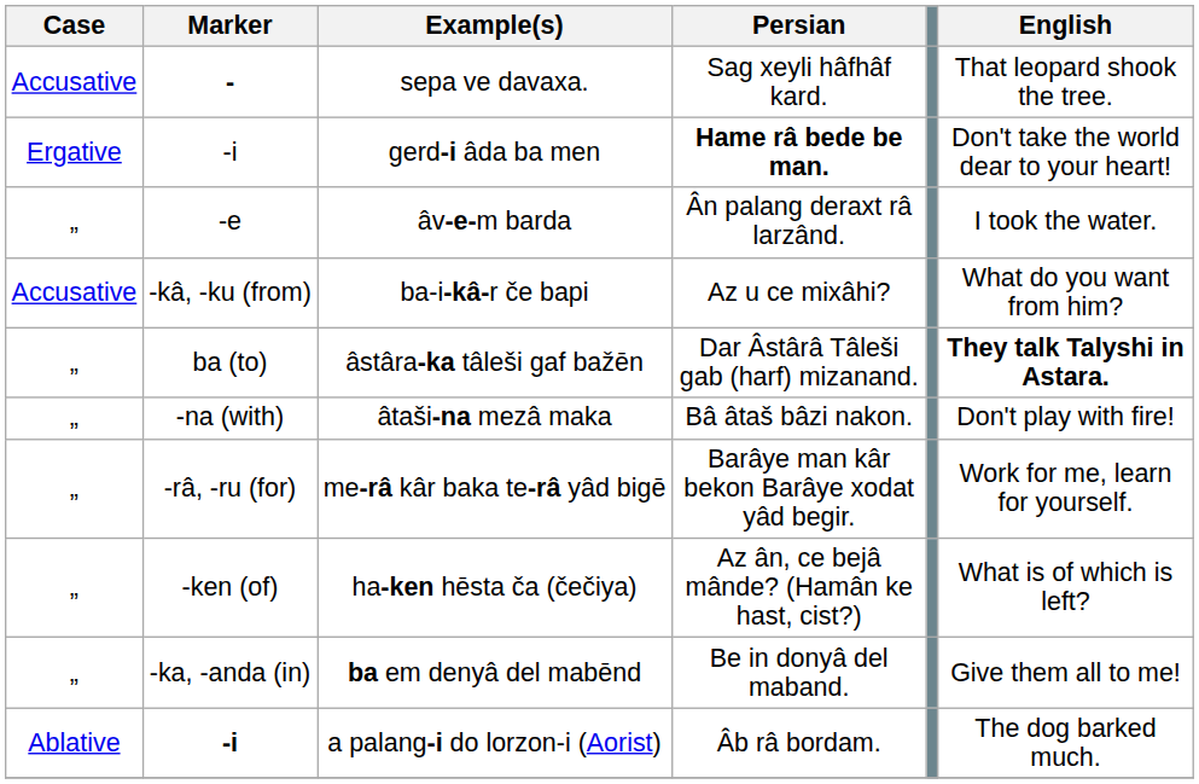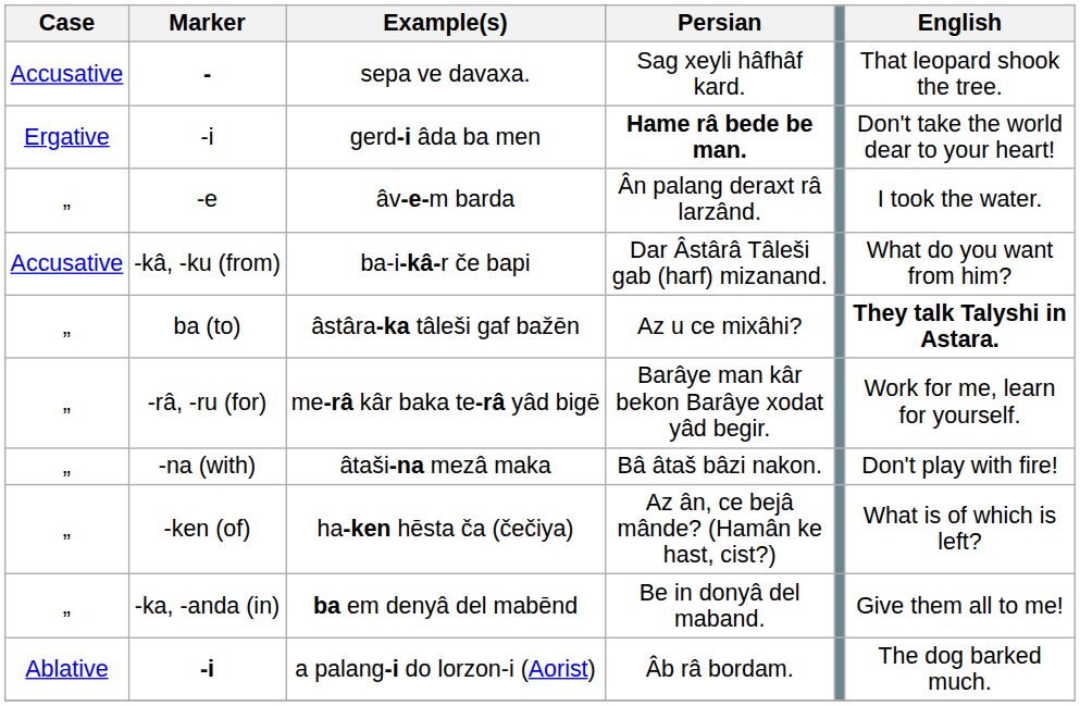 <table class="wikitable" style="border:1px solid #aaa; border-collapse:collapse; text-align: center; background:white;">
 <tr style="background:#eeeeee;">
 <th>Case</th>
 <th>Marker</th>
 <th>Example(s)</th>
 <th style="width:150px;">Persian</th>
 <td style="background:#6C868E">‌</td>
 <th style="width:150px;">English</th>
 </tr>
 <tr>
 <td><a href='#'>Accusative</a></td>
 <td><strong>-</strong></td>
 <td>sepa ve davaxa.</td>
 <td>Sag xeyli hâfhâf kard.</td>
 <td style="background:#6C868E">‌</td>
 <td>That leopard shook the tree.</td>
 </tr>
 <tr>
 <td><a href='#'>Ergative</a></td>
 <td>-i</td>
 <td>gerd<span><strong>-i</strong></span> âda ba men</td>
 <td><strong>Hame <span>râ</span> bede be man.</strong></td>
 <td style="background:#6C868E">‌</td>
 <td>Don't take the world dear to your heart!</td>
 </tr>
 <tr>
 <td>„</td>
 <td>-e</td>
 <td>âv<span><strong>-e-</strong></span>m barda</td>
 <td>Ân palang deraxt râ larzând.</td>
 <td style="background:#6C868E">‌</td>
 <td>I took the water.</td>
 </tr>
 <tr>
 <td><a href='#'>Accusative</a></td>
 <td>-kâ, -ku (from)</td>
 <td>ba-i<span><strong>-kâ-</strong></span>r če bapi</td>
-<td><span>Az</span> u ce mixâhi?</td>
+<td><span>Dar</span> Âstârâ Tâleši gab (harf) mizanand.</td>
 <td style="background:#6C868E">‌</td>
 <td>What do you want from him?</td>
 </tr>
 <tr>
 <td>„</td>
 <td>ba (to)</td>
 <td>âstâra<span><strong>-ka</strong></span> tâleši gaf bažēn</td>
-<td><span>Dar</span> Âstârâ Tâleši gab (harf) mizanand.</td>
+<td><span>Az</span> u ce mixâhi?</td>
 <td style="background:#6C868E">‌</td>
 <td><strong>They talk Talyshi in Astara.</strong></td>
+</tr>
+<tr>
+<td>„</td>
+<td>-râ, -ru (for)</td>
+<td>me<span><strong>-râ</strong></span> kâr baka te<span><strong>-râ</strong></span> yâd bigē</td>
+<td><span>Barâye</span> man kâr bekon <span>Barâye</span> xodat yâd begir.</td>
+<td style="background:#6C868E">‌</td>
+<td>Work for me, learn for yourself.</td>
 </tr>
 <tr>
 <td>„</td>
 <td>-na (with)</td>
 <td>âtaši<span><strong>-na</strong></span> mezâ maka</td>
 <td><span>Bâ</span> âtaš bâzi nakon.</td>
 <td style="background:#6C868E">‌</td>
 <td>Don't play with fire!</td>
-</tr>
-<tr>
-<td>„</td>
-<td>-râ, -ru (for)</td>
-<td>me<span><strong>-râ</strong></span> kâr baka te<span><strong>-râ</strong></span> yâd bigē</td>
-<td><span>Barâye</span> man kâr bekon <span>Barâye</span> xodat yâd begir.</td>
-<td style="background:#6C868E">‌</td>
-<td>Work for me, learn for yourself.</td>
 </tr>
 <tr>
 <td>„</td>
 <td>-ken (of)</td>
 <td>ha<span><strong>-ken</strong></span> hēsta ča (čečiya)</td>
 <td><span>Az</span> ân, ce bejâ mânde? (Hamân ke hast, cist?)</td>
 <td style="background:#6C868E">‌</td>
 <td>What is of which is left?</td>
 </tr>
 <tr>
 <td>„</td>
 <td>-ka, -anda (in)</td>
 <td><span><strong>ba</strong></span> em denyâ del mabēnd</td>
 <td><span>Be</span> in donyâ del maband.</td>
 <td style="background:#6C868E">‌</td>
 <td>Give them all to me!</td>
 </tr>
 <tr>
 <td><a href='#'>Ablative</a></td>
 <td><strong>-i</strong></td>
 <td>a palang<span><strong>-i</strong></span> do lorzon-i (<a href='#'>Aorist</a>)</td>
 <td>Âb <span>râ</span> bordam.</td>
 <td style="background:#6C868E">‌</td>
 <td>The dog barked much.</td>
 </tr>
 <tr>
 </tr>
 </table>
